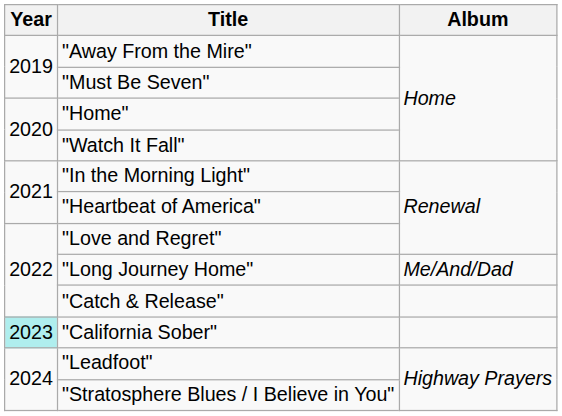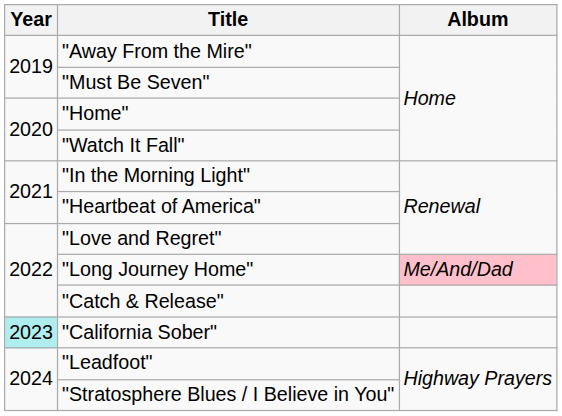 <table class="wikitable">
 <tr>
 <th>Year</th>
 <th>Title</th>
 <th>Album</th>
 </tr>
 <tr>
 <td rowspan=2>2019</td>
 <td>"Away From the Mire"</td>
 <td rowspan=4><em>Home</em></td>
 </tr>
 <tr>
 <td>"Must Be Seven"</td>
 </tr>
 <tr>
 <td rowspan=2>2020</td>
 <td>"Home"</td>
 </tr>
 <tr>
 <td>"Watch It Fall"</td>
 </tr>
 <tr>
 <td rowspan=2>2021</td>
 <td>"In the Morning Light"</td>
 <td rowspan=3><em>Renewal</em></td>
 </tr>
 <tr>
 <td>"Heartbeat of America"</td>
 </tr>
 <tr>
 <td rowspan=3>2022</td>
 <td>"Love and Regret"</td>
 </tr>
 <tr>
 <td>"Long Journey Home"<br></td>
-<td><em>Me/And/Dad</em></td>
+<td style="background: pink;"><em>Me/And/Dad</em></td>
 </tr>
 <tr>
 <td>"Catch & Release"</td>
 <td></td>
 </tr>
 <tr>
 <td style="background: paleturquoise;">2023</td>
 <td>"California Sober" <br> </td>
 <td></td>
 </tr>
 <tr>
 <td rowspan="2">2024</td>
 <td>"Leadfoot"</td>
 <td rowspan="2"><em>Highway Prayers</em></td>
 </tr>
 <tr>
 <td>"Stratosphere Blues / I Believe in You"</td>
 </tr>
 </table>
